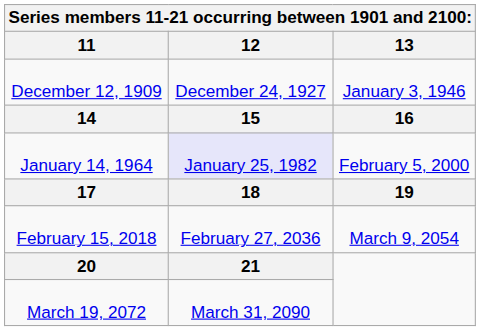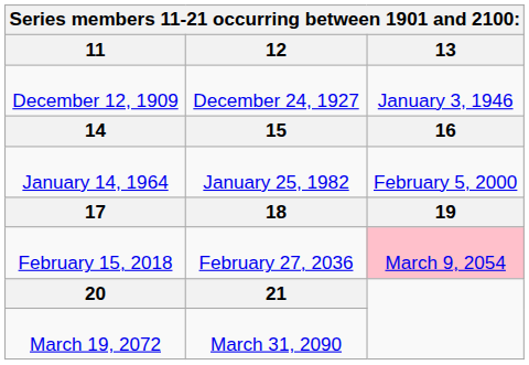 <table class="wikitable collapsible collapsed">
 <tr>
 <th colspan=3>Series members 11-21 occurring between 1901 and 2100:</th>
 </tr>
 <tr>
 <th>11</th>
 <th>12</th>
 <th>13</th>
 </tr>
 <tr style="text-align:center;">
 <td><br><a href='#'>December 12, 1909</a></td>
 <td><br><a href='#'>December 24, 1927</a></td>
 <td><br><a href='#'>January 3, 1946</a></td>
 </tr>
 <tr>
 <th>14</th>
 <th>15</th>
 <th>16</th>
 </tr>
 <tr style="text-align:center;">
 <td><br><a href='#'>January 14, 1964</a></td>
-<td style="background: lavender;"><br><a href='#'>January 25, 1982</a></td>
+<td><br><a href='#'>January 25, 1982</a></td>
 <td><br><a href='#'>February 5, 2000</a></td>
 </tr>
 <tr>
 <th>17</th>
 <th>18</th>
 <th>19</th>
 </tr>
 <tr style="text-align:center;">
 <td><br><a href='#'>February 15, 2018</a></td>
 <td><br><a href='#'>February 27, 2036</a></td>
-<td><br><a href='#'>March 9, 2054</a></td>
+<td style="background: pink;"><br><a href='#'>March 9, 2054</a></td>
 </tr>
 <tr>
 <th>20</th>
 <th>21</th>
 </tr>
 <tr style="text-align:center;">
 <td><br><a href='#'>March 19, 2072</a></td>
 <td><br><a href='#'>March 31, 2090</a></td>
 </tr>
 </table>
